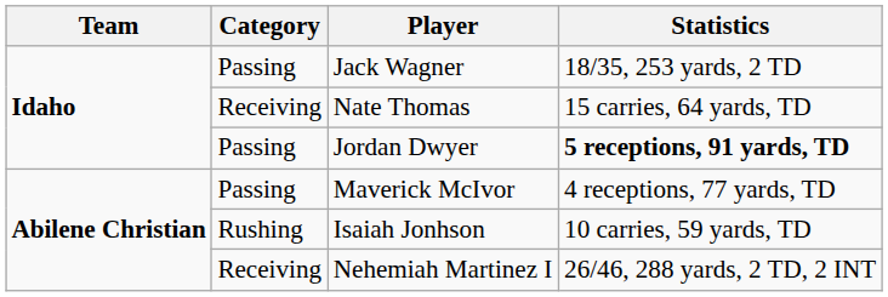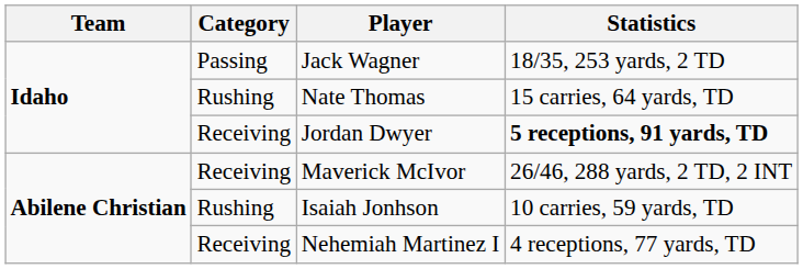 <table class="wikitable" style="float: right;">
 <tr>
 <th>Team</th>
 <th>Category</th>
 <th>Player</th>
 <th>Statistics</th>
 </tr>
 <tr>
 <td rowspan=3><strong>Idaho</strong></td>
 <td>Passing</td>
 <td>Jack Wagner</td>
 <td>18/35, 253 yards, 2 TD</td>
 </tr>
 <tr>
-<td>Receiving</td>
+<td>Rushing</td>
 <td>Nate Thomas</td>
 <td>15 carries, 64 yards, TD</td>
 </tr>
 <tr>
-<td>Passing</td>
+<td>Receiving</td>
 <td>Jordan Dwyer</td>
 <td><strong>5 receptions, 91 yards, TD</strong></td>
 </tr>
 <tr>
 <td rowspan=3><strong>Abilene Christian</strong></td>
-<td>Passing</td>
+<td>Receiving</td>
 <td>Maverick McIvor</td>
-<td>4 receptions, 77 yards, TD</td>
+<td>26/46, 288 yards, 2 TD, 2 INT</td>
 </tr>
 <tr>
 <td>Rushing</td>
 <td>Isaiah Jonhson</td>
 <td>10 carries, 59 yards, TD</td>
 </tr>
 <tr>
 <td>Receiving</td>
 <td>Nehemiah Martinez I</td>
-<td>26/46, 288 yards, 2 TD, 2 INT</td>
+<td>4 receptions, 77 yards, TD</td>
 </tr>
 </table>
